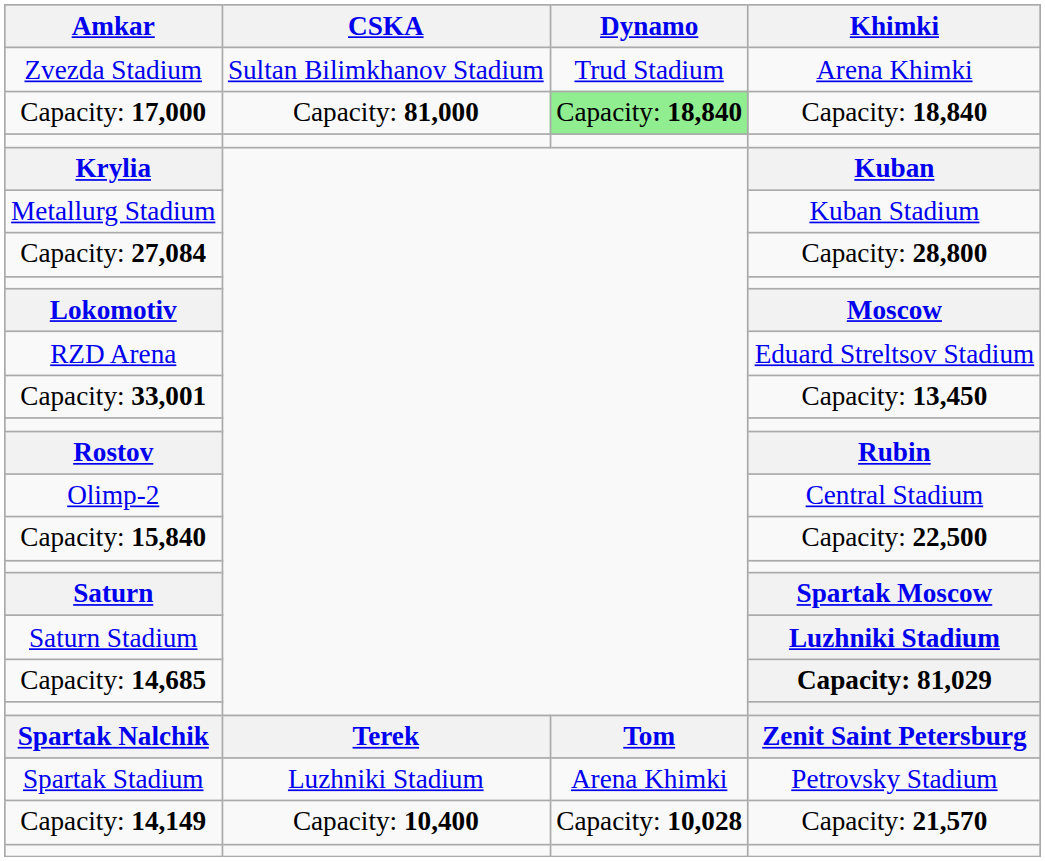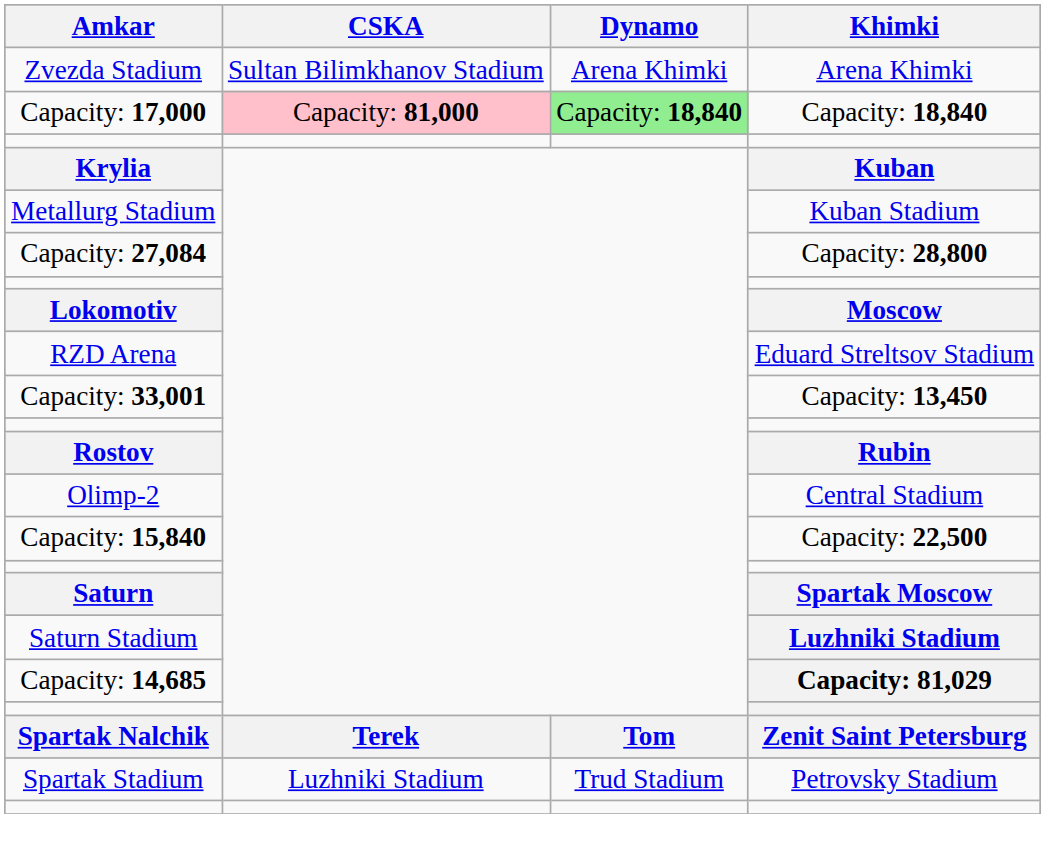 <table class="wikitable" style="text-align:center;">
 <tr>
 <th><a href='#'>Amkar</a></th>
 <th><a href='#'>CSKA</a></th>
 <th><a href='#'>Dynamo</a></th>
 <th><a href='#'>Khimki</a></th>
 </tr>
 <tr>
 <td><a href='#'>Zvezda Stadium</a></td>
 <td><a href='#'>Sultan Bilimkhanov Stadium</a></td>
-<td><a href='#'>Trud Stadium</a></td>
+<td><a href='#'>Arena Khimki</a></td>
 <td><a href='#'>Arena Khimki</a></td>
 </tr>
 <tr>
 <td>Capacity: <strong>17,000</strong></td>
-<td>Capacity: <strong>81,000</strong></td>
+<td style="background: pink;">Capacity: <strong>81,000</strong></td>
 <td style="background: lightgreen;">Capacity: <strong>18,840</strong></td>
 <td>Capacity: <strong>18,840</strong></td>
 </tr>
 <tr>
 <td></td>
 <td></td>
 <td></td>
 <td></td>
 </tr>
 <tr>
 <th><a href='#'>Krylia</a></th>
 <td colspan="2" rowspan="16"><br> </td>
 <th><a href='#'>Kuban</a></th>
 </tr>
 <tr>
 <td><a href='#'>Metallurg Stadium</a></td>
 <td><a href='#'>Kuban Stadium</a></td>
 </tr>
 <tr>
 <td>Capacity: <strong>27,084</strong></td>
 <td>Capacity: <strong>28,800</strong></td>
 </tr>
 <tr>
 <td></td>
 <td></td>
 </tr>
 <tr>
 <th><a href='#'>Lokomotiv</a></th>
 <th><a href='#'>Moscow</a></th>
 </tr>
 <tr>
 <td><a href='#'>RZD Arena</a></td>
 <td><a href='#'>Eduard Streltsov Stadium</a></td>
 </tr>
 <tr>
 <td>Capacity: <strong>33,001</strong></td>
 <td>Capacity: <strong>13,450</strong></td>
 </tr>
 <tr>
 <td></td>
 <td></td>
 </tr>
 <tr>
 <th><a href='#'>Rostov</a></th>
 <th><a href='#'>Rubin</a></th>
 </tr>
 <tr>
 <td><a href='#'>Olimp-2</a></td>
 <td><a href='#'>Central Stadium</a></td>
 </tr>
 <tr>
 <td>Capacity: <strong>15,840</strong></td>
 <td>Capacity: <strong>22,500</strong></td>
 </tr>
 <tr>
 <td></td>
 <td></td>
 </tr>
 <tr>
 <th><a href='#'>Saturn</a></th>
 <th><a href='#'>Spartak Moscow</a></th>
 </tr>
 <tr>
 <td><a href='#'>Saturn Stadium</a></td>
 <th><a href='#'>Luzhniki Stadium</a></th>
 </tr>
 <tr>
 <td>Capacity: <strong>14,685</strong></td>
 <th>Capacity: <strong>81,029</strong></th>
 </tr>
 <tr>
 <td></td>
 <th></th>
 </tr>
 <tr>
 <th><a href='#'>Spartak Nalchik</a></th>
 <th><a href='#'>Terek</a></th>
 <th><a href='#'>Tom</a></th>
 <th><a href='#'>Zenit Saint Petersburg</a></th>
 </tr>
 <tr>
 <td><a href='#'>Spartak Stadium</a></td>
 <td><a href='#'>Luzhniki Stadium</a></td>
-<td><a href='#'>Arena Khimki</a></td>
+<td><a href='#'>Trud Stadium</a></td>
 <td><a href='#'>Petrovsky Stadium</a></td>
-</tr>
-<tr>
-<td>Capacity: <strong>14,149</strong></td>
-<td>Capacity: <strong>10,400</strong></td>
-<td>Capacity: <strong>10,028</strong></td>
-<td>Capacity: <strong>21,570</strong></td>
 </tr>
 <tr>
 <td></td>
 <td></td>
 <td></td>
 <td></td>
 </tr>
 </table>
